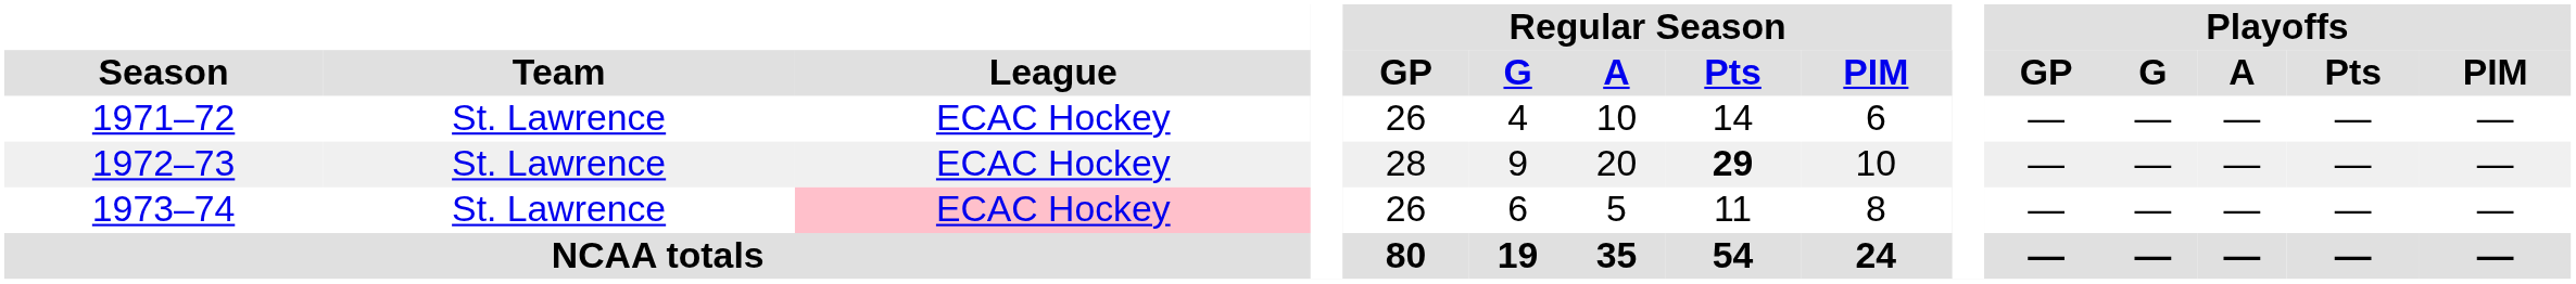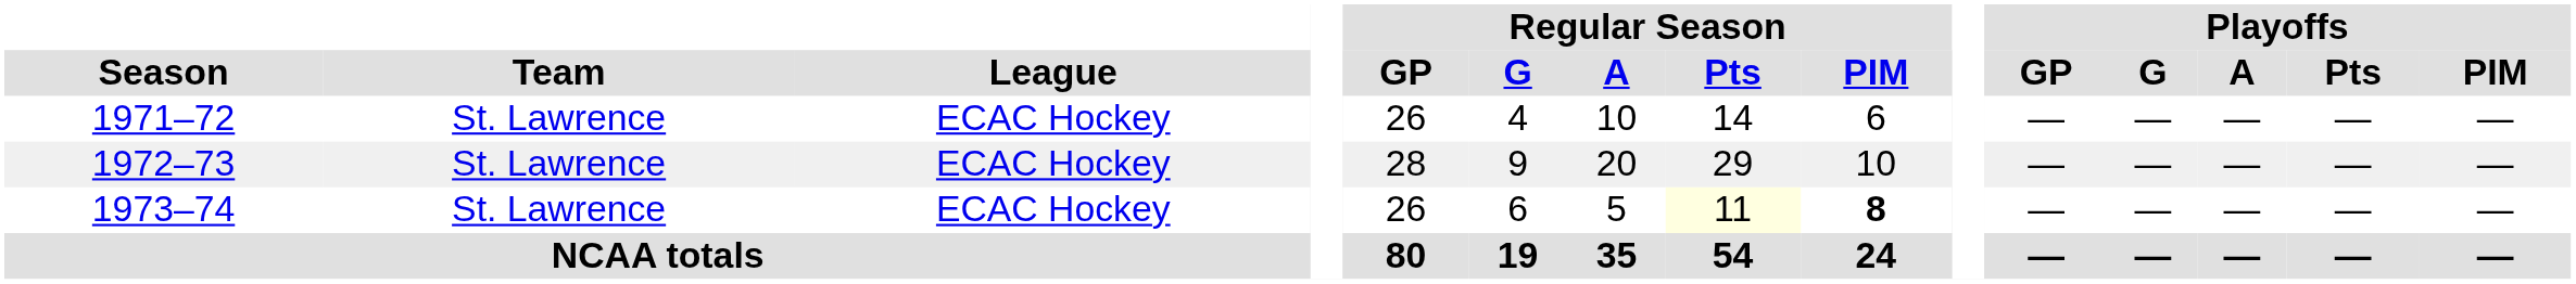 <table border="0" cellpadding="1" cellspacing="0" style="text-align:center; width:70em">
 <tr bgcolor="#e0e0e0">
 <th colspan="3"  bgcolor="#ffffff"> </th>
 <th rowspan="99" bgcolor="#ffffff"> </th>
 <th colspan="5">Regular Season</th>
 <th rowspan="99" bgcolor="#ffffff"> </th>
 <th colspan="5">Playoffs</th>
 </tr>
 <tr bgcolor="#e0e0e0">
 <th>Season</th>
 <th>Team</th>
 <th>League</th>
 <th>GP</th>
 <th><a href='#'>G</a></th>
 <th><a href='#'>A</a></th>
 <th><a href='#'>Pts</a></th>
 <th><a href='#'>PIM</a></th>
 <th>GP</th>
 <th>G</th>
 <th>A</th>
 <th>Pts</th>
 <th>PIM</th>
 </tr>
 <tr>
 <td><a href='#'>1971–72</a></td>
 <td><a href='#'>St. Lawrence</a></td>
 <td><a href='#'>ECAC Hockey</a></td>
 <td>26</td>
 <td>4</td>
 <td>10</td>
 <td>14</td>
 <td>6</td>
 <td>—</td>
 <td>—</td>
 <td>—</td>
 <td>—</td>
 <td>—</td>
 </tr>
 <tr bgcolor="f0f0f0">
 <td><a href='#'>1972–73</a></td>
 <td><a href='#'>St. Lawrence</a></td>
 <td><a href='#'>ECAC Hockey</a></td>
 <td>28</td>
 <td>9</td>
 <td>20</td>
-<td><strong>29</strong></td>
+<td>29</td>
 <td>10</td>
 <td>—</td>
 <td>—</td>
 <td>—</td>
 <td>—</td>
 <td>—</td>
 </tr>
 <tr>
 <td><a href='#'>1973–74</a></td>
 <td><a href='#'>St. Lawrence</a></td>
-<td style="background: pink;"><a href='#'>ECAC Hockey</a></td>
+<td><a href='#'>ECAC Hockey</a></td>
 <td>26</td>
 <td>6</td>
 <td>5</td>
-<td>11</td>
-<td>8</td>
+<td style="background: lightyellow;">11</td>
+<td><strong>8</strong></td>
 <td>—</td>
 <td>—</td>
 <td>—</td>
 <td>—</td>
 <td>—</td>
 </tr>
 <tr bgcolor="#e0e0e0">
 <th colspan="3">NCAA totals</th>
 <th>80</th>
 <th>19</th>
 <th>35</th>
 <th>54</th>
 <th>24</th>
 <th>—</th>
 <th>—</th>
 <th>—</th>
 <th>—</th>
 <th>—</th>
 </tr>
 </table>
